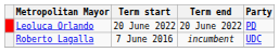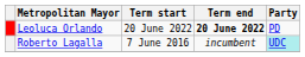 <table class="wikitable">
 <tr>
 <th class=unsortable> </th>
 <th>Metropolitan Mayor</th>
 <th>Term start</th>
 <th>Term end</th>
 <th>Party</th>
 </tr>
 <tr>
 <th style="background:#FF0000;"></th>
 <td><a href='#'>Leoluca Orlando</a></td>
 <td align=center>20 June 2022</td>
-<td align=center>20 June 2022</td>
+<td align=center><strong>20 June 2022</strong></td>
 <td><a href='#'>PD</a></td>
 </tr>
 <tr>
 <th style="background:"></th>
 <td><a href='#'>Roberto Lagalla</a></td>
 <td align=center>7 June 2016</td>
 <td align=center><em>incumbent</em></td>
-<td><a href='#'>UDC</a></td>
+<td style="background: paleturquoise;"><a href='#'>UDC</a></td>
 </tr>
 <tr>
 </tr>
 </table>
